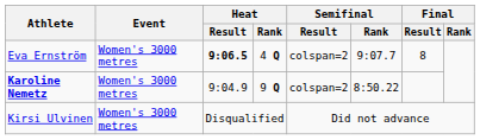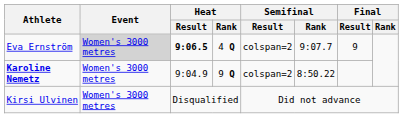 <table class="wikitable" style="font-size:90%; width:40%">
 <tr>
 <th rowspan="2">Athlete</th>
 <th rowspan="2">Event</th>
 <th colspan="2">Heat</th>
 <th colspan="2">Semifinal</th>
 <th colspan="2">Final</th>
 </tr>
 <tr style="font-size:95%">
 <th>Result</th>
 <th>Rank</th>
 <th>Result</th>
 <th>Rank</th>
 <th>Result</th>
 <th>Rank</th>
 </tr>
 <tr align=center>
 <td align=left><a href='#'>Eva Ernström</a></td>
-<td align=left><a href='#'>Women's 3000 metres</a></td>
+<td align=left style="background: lightgrey;"><a href='#'>Women's 3000 metres</a></td>
 <td><strong>9:06.5</strong></td>
 <td>4 <strong>Q</strong></td>
 <td>colspan=2 </td>
 <td>9:07.7</td>
-<td>8</td>
+<td>9</td>
 </tr>
 <tr align=center>
 <td align=left><strong><a href='#'>Karoline Nemetz</a></strong></td>
 <td align=left><a href='#'>Women's 3000 metres</a></td>
 <td>9:04.9</td>
 <td>9 <strong>Q</strong></td>
 <td>colspan=2 </td>
 <td>8:50.22</td>
 <td></td>
 </tr>
 <tr align=center>
 <td align=left><a href='#'>Kirsi Ulvinen</a></td>
 <td align=left><a href='#'>Women's 3000 metres</a></td>
 <td colspan=2>Disqualified</td>
 <td colspan=4>Did not advance</td>
 </tr>
 </table>
